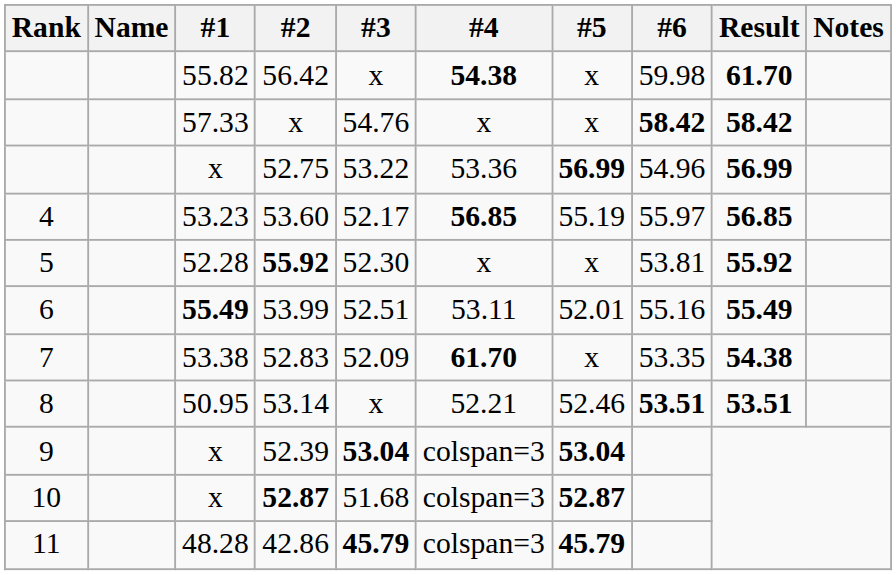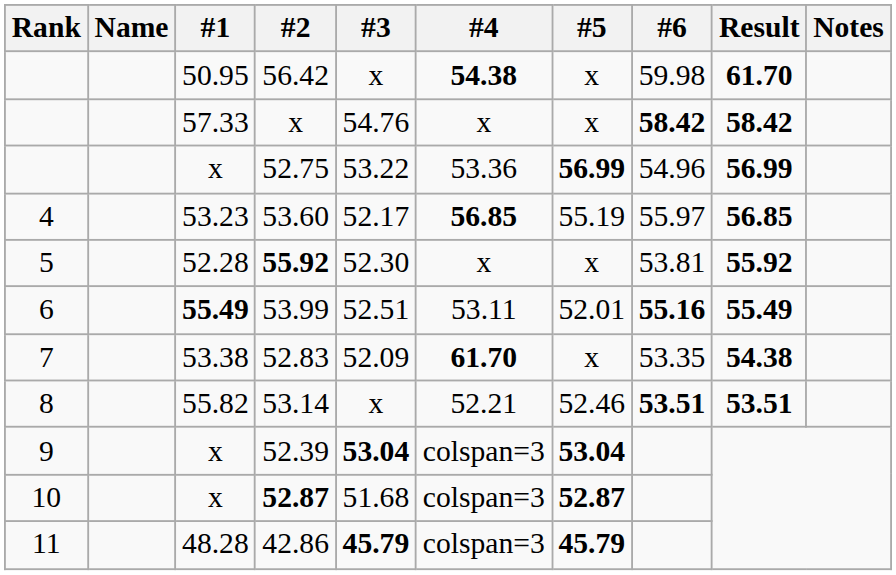 <table class="wikitable sortable" style="text-align:center">
 <tr>
 <th>Rank</th>
 <th>Name</th>
 <th>#1</th>
 <th>#2</th>
 <th>#3</th>
 <th>#4</th>
 <th>#5</th>
 <th>#6</th>
 <th>Result</th>
 <th>Notes</th>
 </tr>
 <tr>
 <td></td>
 <td align="left"></td>
-<td>55.82</td>
+<td>50.95</td>
 <td>56.42</td>
 <td>x</td>
 <td><strong>54.38</strong></td>
 <td>x</td>
 <td>59.98</td>
 <td><strong>61.70</strong></td>
 <td><strong></strong></td>
 </tr>
 <tr>
 <td></td>
 <td align="left"></td>
 <td>57.33</td>
 <td>x</td>
 <td>54.76</td>
 <td>x</td>
 <td>x</td>
 <td><strong>58.42</strong></td>
 <td><strong>58.42</strong></td>
 <td></td>
 </tr>
 <tr>
 <td></td>
 <td align="left"></td>
 <td>x</td>
 <td>52.75</td>
 <td>53.22</td>
 <td>53.36</td>
 <td><strong>56.99</strong></td>
 <td>54.96</td>
 <td><strong>56.99</strong></td>
 <td></td>
 </tr>
 <tr>
 <td>4</td>
 <td align="left"></td>
 <td>53.23</td>
 <td>53.60</td>
 <td>52.17</td>
 <td><strong>56.85</strong></td>
 <td>55.19</td>
 <td>55.97</td>
 <td><strong>56.85</strong></td>
 <td></td>
 </tr>
 <tr>
 <td>5</td>
 <td align="left"></td>
 <td>52.28</td>
 <td><strong>55.92</strong></td>
 <td>52.30</td>
 <td>x</td>
 <td>x</td>
 <td>53.81</td>
 <td><strong>55.92</strong></td>
 <td></td>
 </tr>
 <tr>
 <td>6</td>
 <td align="left"></td>
 <td><strong>55.49</strong></td>
 <td>53.99</td>
 <td>52.51</td>
 <td>53.11</td>
 <td>52.01</td>
-<td>55.16</td>
+<td><strong>55.16</strong></td>
 <td><strong>55.49</strong></td>
 <td></td>
 </tr>
 <tr>
 <td>7</td>
 <td align="left"></td>
 <td>53.38</td>
 <td>52.83</td>
 <td>52.09</td>
 <td><strong>61.70</strong></td>
 <td>x</td>
 <td>53.35</td>
 <td><strong>54.38</strong></td>
 <td></td>
 </tr>
 <tr>
 <td>8</td>
 <td align="left"></td>
-<td>50.95</td>
+<td>55.82</td>
 <td>53.14</td>
 <td>x</td>
 <td>52.21</td>
 <td>52.46</td>
 <td><strong>53.51</strong></td>
 <td><strong>53.51</strong></td>
 <td></td>
 </tr>
 <tr>
 <td>9</td>
 <td align="left"></td>
 <td>x</td>
 <td>52.39</td>
 <td><strong>53.04</strong></td>
 <td>colspan=3 </td>
 <td><strong>53.04</strong></td>
 <td></td>
 </tr>
 <tr>
 <td>10</td>
 <td align="left"></td>
 <td>x</td>
 <td><strong>52.87</strong></td>
 <td>51.68</td>
 <td>colspan=3 </td>
 <td><strong>52.87</strong></td>
 <td></td>
 </tr>
 <tr>
 <td>11</td>
 <td align="left"></td>
 <td>48.28</td>
 <td>42.86</td>
 <td><strong>45.79</strong></td>
 <td>colspan=3 </td>
 <td><strong>45.79</strong></td>
 <td></td>
 </tr>
 </table>
